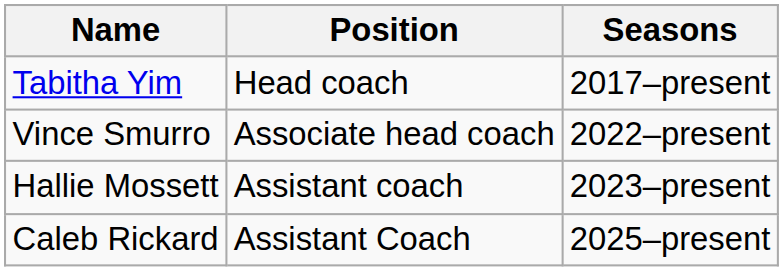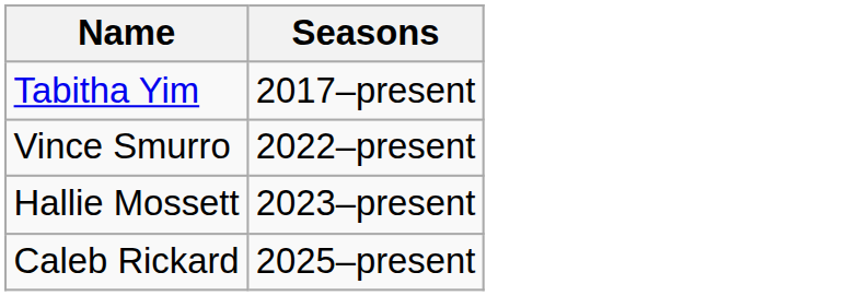 <table class="wikitable">
 <tr>
 <th>Name</th>
-<th>Position</th>
 <th>Seasons</th>
 </tr>
 <tr align="left" valign="top">
 <td><a href='#'>Tabitha Yim</a></td>
-<td>Head coach</td>
 <td>2017–present</td>
 </tr>
 <tr align="left" valign="top">
 <td>Vince Smurro</td>
-<td>Associate head coach</td>
 <td>2022–present</td>
 </tr>
 <tr>
 <td>Hallie Mossett</td>
-<td>Assistant coach</td>
 <td>2023–present</td>
 </tr>
 <tr>
 <td>Caleb Rickard</td>
-<td>Assistant Coach</td>
 <td>2025–present</td>
 </tr>
 </table>
